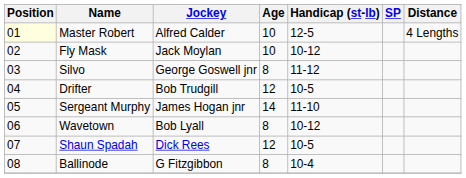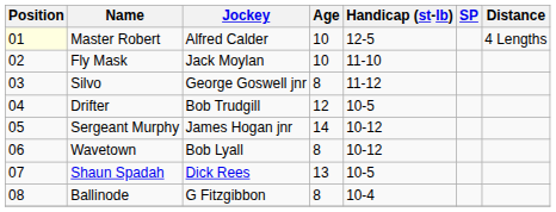 <table class="wikitable sortable">
 <tr>
 <th data-sort-type="number"><strong>Position</strong></th>
 <th>Name</th>
 <th><a href='#'>Jockey</a></th>
 <th data-sort-type="number">Age</th>
 <th>Handicap (<a href='#'>st</a>-<a href='#'>lb</a>)</th>
 <th><a href='#'>SP</a></th>
 <th>Distance</th>
 </tr>
 <tr>
 <td style="background: lightyellow;">01</td>
 <td>Master Robert</td>
 <td>Alfred Calder</td>
 <td>10</td>
 <td>12-5</td>
 <td></td>
 <td>4 Lengths</td>
 </tr>
 <tr>
 <td>02</td>
 <td>Fly Mask</td>
 <td>Jack Moylan</td>
 <td>10</td>
-<td>10-12</td>
+<td>11-10</td>
 <td></td>
 <td></td>
 </tr>
 <tr>
 <td>03</td>
 <td>Silvo</td>
 <td>George Goswell jnr</td>
 <td>8</td>
 <td>11-12</td>
 <td></td>
 <td></td>
 </tr>
 <tr>
 <td>04</td>
 <td>Drifter</td>
 <td>Bob Trudgill</td>
 <td>12</td>
 <td>10-5</td>
 <td></td>
 <td></td>
 </tr>
 <tr>
 <td>05</td>
 <td>Sergeant Murphy</td>
 <td>James Hogan jnr</td>
 <td>14</td>
-<td>11-10</td>
+<td>10-12</td>
 <td></td>
 <td></td>
 </tr>
 <tr>
 <td>06</td>
 <td>Wavetown</td>
 <td>Bob Lyall</td>
 <td>8</td>
 <td>10-12</td>
 <td></td>
 <td></td>
 </tr>
 <tr>
 <td>07</td>
 <td><a href='#'>Shaun Spadah</a></td>
 <td><a href='#'>Dick Rees</a></td>
-<td>12</td>
+<td>13</td>
 <td>10-5</td>
 <td></td>
 <td></td>
 </tr>
 <tr>
 <td>08</td>
 <td>Ballinode</td>
 <td>G Fitzgibbon</td>
 <td>8</td>
 <td>10-4</td>
 <td></td>
 <td></td>
 </tr>
 <tr>
 </tr>
 </table>
